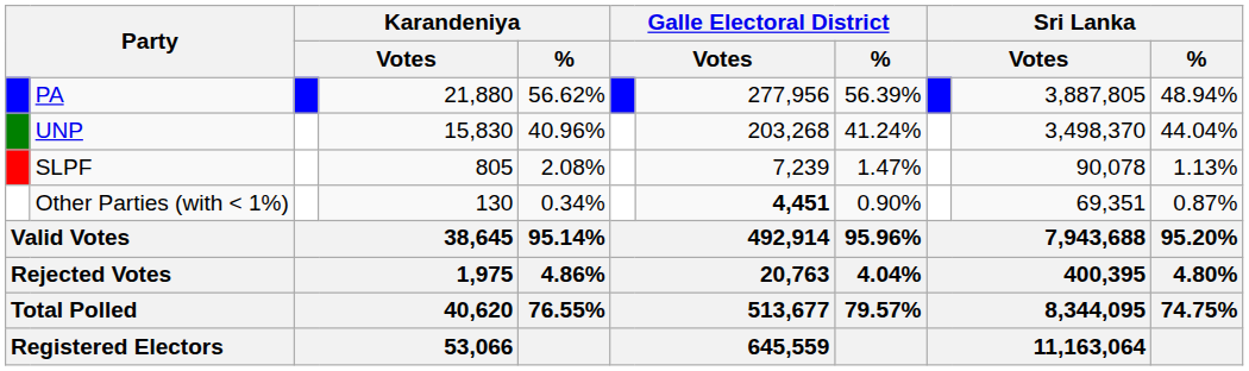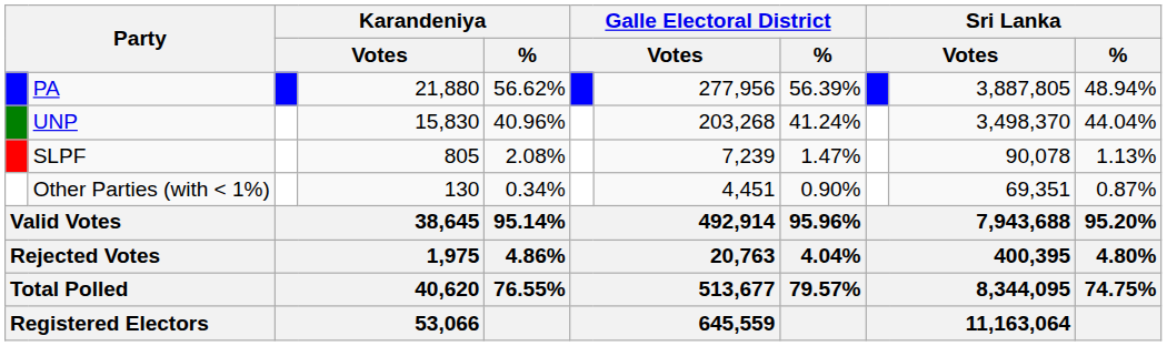 <table class="wikitable">
 <tr>
 <th colspan="2" width="144px"rowspan="2">Party</th>
 <th colspan="3" width="216px">Karandeniya</th>
 <th colspan="3" width="216px"><a href='#'>Galle Electoral District</a></th>
 <th colspan="3" width="216px">Sri Lanka</th>
 </tr>
 <tr>
 <th colspan="2" width="144px">Votes</th>
 <th>%</th>
 <th colspan="2" width="144px">Votes</th>
 <th>%</th>
 <th colspan="2" width="144px">Votes</th>
 <th>%</th>
 </tr>
 <tr>
 <td style="background-color:blue;" width="10px"></td>
 <td style="text-align:left;"><a href='#'>PA</a></td>
 <td style="background-color:blue;" width="10px"></td>
 <td style="text-align:right;">21,880</td>
 <td style="text-align:right;">56.62%</td>
 <td style="background-color:blue;" width="10px"></td>
 <td style="text-align:right;">277,956</td>
 <td style="text-align:right;">56.39%</td>
 <td style="background-color:blue;" width="10px"></td>
 <td style="text-align:right;">3,887,805</td>
 <td style="text-align:right;">48.94%</td>
 </tr>
 <tr>
 <td style="background-color:green;" width="10px"></td>
 <td style="text-align:left;"><a href='#'>UNP</a></td>
 <td style="background-color:white;" width="10px"></td>
 <td style="text-align:right;">15,830</td>
 <td style="text-align:right;">40.96%</td>
 <td style="background-color:white;" width="10px"></td>
 <td style="text-align:right;">203,268</td>
 <td style="text-align:right;">41.24%</td>
 <td style="background-color:white;" width="10px"></td>
 <td style="text-align:right;">3,498,370</td>
 <td style="text-align:right;">44.04%</td>
 </tr>
 <tr>
 <td style="background-color:red;" width="10px"></td>
 <td style="text-align:left;">SLPF</td>
 <td style="background-color:white;" width="10px"></td>
 <td style="text-align:right;">805</td>
 <td style="text-align:right;">2.08%</td>
 <td style="background-color:white;" width="10px"></td>
 <td style="text-align:right;">7,239</td>
 <td style="text-align:right;">1.47%</td>
 <td style="background-color:white;" width="10px"></td>
 <td style="text-align:right;">90,078</td>
 <td style="text-align:right;">1.13%</td>
 </tr>
 <tr>
 <td style="background-color:white;" width="10px"></td>
 <td style="text-align:left;">Other Parties (with < 1%)</td>
 <td style="background-color:white;" width="10px"></td>
 <td style="text-align:right;">130</td>
 <td style="text-align:right;">0.34%</td>
 <td style="background-color:white;" width="10px"></td>
-<td style="text-align:right;"><strong>4,451</strong></td>
+<td style="text-align:right;">4,451</td>
 <td style="text-align:right;">0.90%</td>
 <td style="background-color:white;" width="10px"></td>
 <td style="text-align:right;">69,351</td>
 <td style="text-align:right;">0.87%</td>
 </tr>
 <tr>
 <th colspan="2" width="144px"style="text-align:left;">Valid Votes</th>
 <th style="text-align:right;"colspan="2" width="144px">38,645</th>
 <th style="text-align:right;">95.14%</th>
 <th style="text-align:right;"colspan="2" width="144px">492,914</th>
 <th style="text-align:right;">95.96%</th>
 <th style="text-align:right;"colspan="2" width="144px">7,943,688</th>
 <th style="text-align:right;">95.20%</th>
 </tr>
 <tr>
 <th colspan="2" width="144px"style="text-align:left;">Rejected Votes</th>
 <th style="text-align:right;"colspan="2" width="144px">1,975</th>
 <th style="text-align:right;">4.86%</th>
 <th style="text-align:right;"colspan="2" width="144px">20,763</th>
 <th style="text-align:right;">4.04%</th>
 <th style="text-align:right;"colspan="2" width="144px">400,395</th>
 <th style="text-align:right;">4.80%</th>
 </tr>
 <tr>
 <th colspan="2" width="144px"style="text-align:left;">Total Polled</th>
 <th style="text-align:right;"colspan="2" width="144px">40,620</th>
 <th style="text-align:right;">76.55%</th>
 <th style="text-align:right;"colspan="2" width="144px">513,677</th>
 <th style="text-align:right;">79.57%</th>
 <th style="text-align:right;"colspan="2" width="144px">8,344,095</th>
 <th style="text-align:right;">74.75%</th>
 </tr>
 <tr>
 <th colspan="2" width="144px"style="text-align:left;">Registered Electors</th>
 <th style="text-align:right;"colspan="2" width="144px">53,066</th>
 <th></th>
 <th style="text-align:right;"colspan="2" width="144px">645,559</th>
 <th></th>
 <th style="text-align:right;"colspan="2" width="144px">11,163,064</th>
 <th></th>
 </tr>
 </table>
